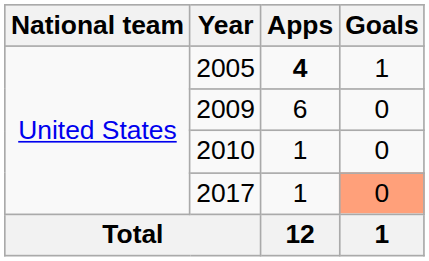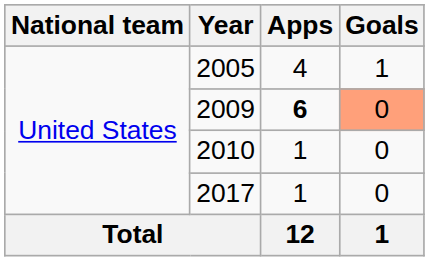 <table class="wikitable" style="text-align:center">
 <tr>
 <th>National team</th>
 <th>Year</th>
 <th>Apps</th>
 <th>Goals</th>
 </tr>
 <tr>
 <td rowspan="4"><a href='#'>United States</a></td>
 <td>2005</td>
-<td><strong>4</strong></td>
+<td>4</td>
 <td>1</td>
 </tr>
 <tr>
 <td>2009</td>
-<td>6</td>
-<td>0</td>
+<td><strong>6</strong></td>
+<td style="background: lightsalmon;">0</td>
 </tr>
 <tr>
 <td>2010</td>
 <td>1</td>
 <td>0</td>
 </tr>
 <tr>
 <td>2017</td>
 <td>1</td>
-<td style="background: lightsalmon;">0</td>
+<td>0</td>
 </tr>
 <tr>
 <th colspan="2">Total</th>
 <th>12</th>
 <th>1</th>
 </tr>
 </table>
